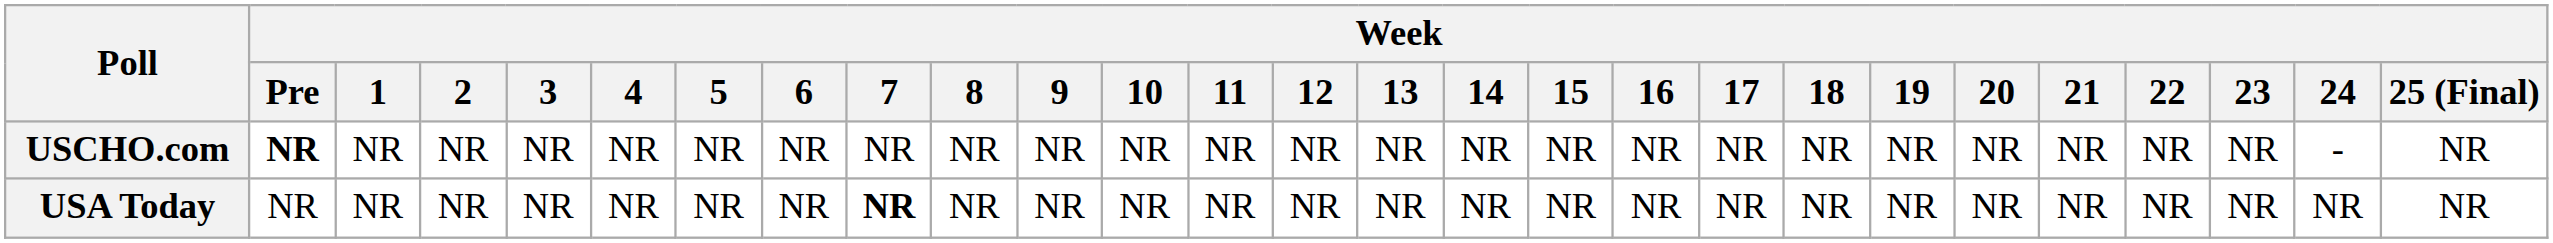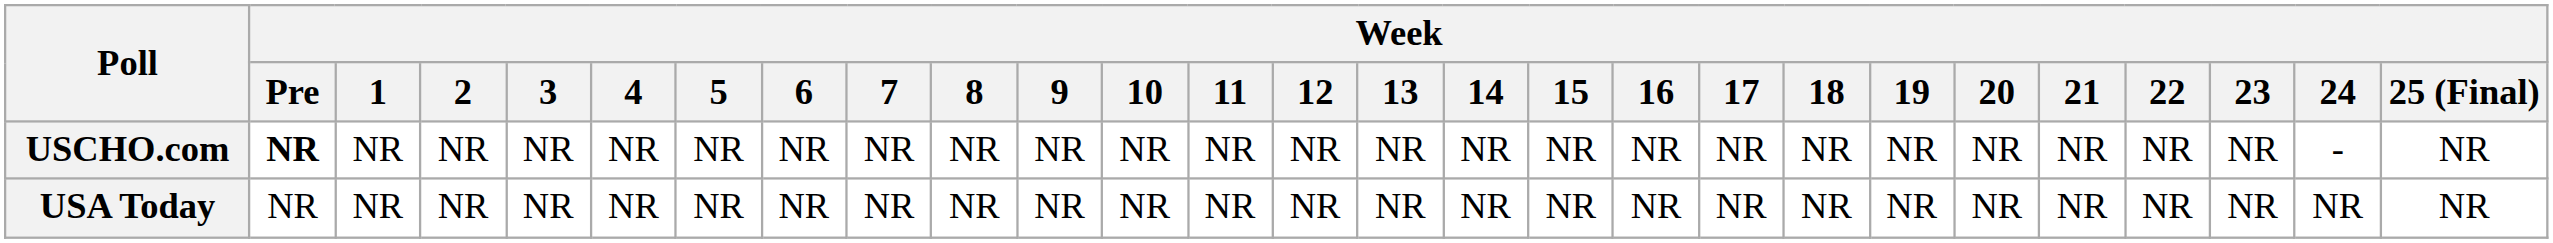 <table class="wikitable" style="white-space:nowrap;">
 <tr>
 <th scope="col" width="100" rowspan="2">Poll</th>
 <th colspan="30">Week</th>
 </tr>
 <tr>
 <th scope="col" width="30">Pre</th>
 <th scope="col" width="30">1</th>
 <th scope="col" width="30">2</th>
 <th scope="col" width="30">3</th>
 <th scope="col" width="30">4</th>
 <th scope="col" width="30">5</th>
 <th scope="col" width="30">6</th>
 <th scope="col" width="30">7</th>
 <th scope="col" width="30">8</th>
 <th scope="col" width="30">9</th>
 <th scope="col" width="30">10</th>
 <th scope="col" width="30">11</th>
 <th scope="col" width="30">12</th>
 <th scope="col" width="30">13</th>
 <th scope="col" width="30">14</th>
 <th scope="col" width="30">15</th>
 <th scope="col" width="30">16</th>
 <th scope="col" width="30">17</th>
 <th scope="col" width="30">18</th>
 <th scope="col" width="30">19</th>
 <th scope="col" width="30">20</th>
 <th scope="col" width="30">21</th>
 <th scope="col" width="30">22</th>
 <th scope="col" width="30">23</th>
 <th scope="col" width="30">24</th>
 <th scope="col" width="30">25 (Final)</th>
 </tr>
 <tr style="text-align:center;">
 <th>USCHO.com</th>
 <td bgcolor=FFFFFF><strong>NR</strong></td>
 <td bgcolor=FFFFFF>NR</td>
 <td bgcolor=FFFFFF>NR</td>
 <td bgcolor=FFFFFF>NR</td>
 <td bgcolor=FFFFFF>NR</td>
 <td bgcolor=FFFFFF>NR</td>
 <td bgcolor=FFFFFF>NR</td>
 <td bgcolor=FFFFFF>NR</td>
 <td bgcolor=FFFFFF>NR</td>
 <td bgcolor=FFFFFF>NR</td>
 <td bgcolor=FFFFFF>NR</td>
 <td bgcolor=FFFFFF>NR</td>
 <td bgcolor=FFFFFF>NR</td>
 <td bgcolor=FFFFFF>NR</td>
 <td bgcolor=FFFFFF>NR</td>
 <td bgcolor=FFFFFF>NR</td>
 <td bgcolor=FFFFFF>NR</td>
 <td bgcolor=FFFFFF>NR</td>
 <td bgcolor=FFFFFF>NR</td>
 <td bgcolor=FFFFFF>NR</td>
 <td bgcolor=FFFFFF>NR</td>
 <td bgcolor=FFFFFF>NR</td>
 <td bgcolor=FFFFFF>NR</td>
 <td bgcolor=FFFFFF>NR</td>
 <td bgcolor=FFFFFF>-</td>
 <td bgcolor=FFFFFF>NR</td>
 </tr>
 <tr style="text-align:center;">
 <th>USA Today</th>
 <td bgcolor=FFFFFF>NR</td>
 <td bgcolor=FFFFFF>NR</td>
 <td bgcolor=FFFFFF>NR</td>
 <td bgcolor=FFFFFF>NR</td>
 <td bgcolor=FFFFFF>NR</td>
 <td bgcolor=FFFFFF>NR</td>
 <td bgcolor=FFFFFF>NR</td>
-<td bgcolor=FFFFFF><strong>NR</strong></td>
+<td bgcolor=FFFFFF>NR</td>
 <td bgcolor=FFFFFF>NR</td>
 <td bgcolor=FFFFFF>NR</td>
 <td bgcolor=FFFFFF>NR</td>
 <td bgcolor=FFFFFF>NR</td>
 <td bgcolor=FFFFFF>NR</td>
 <td bgcolor=FFFFFF>NR</td>
 <td bgcolor=FFFFFF>NR</td>
 <td bgcolor=FFFFFF>NR</td>
 <td bgcolor=FFFFFF>NR</td>
 <td bgcolor=FFFFFF>NR</td>
 <td bgcolor=FFFFFF>NR</td>
 <td bgcolor=FFFFFF>NR</td>
 <td bgcolor=FFFFFF>NR</td>
 <td bgcolor=FFFFFF>NR</td>
 <td bgcolor=FFFFFF>NR</td>
 <td bgcolor=FFFFFF>NR</td>
 <td bgcolor=FFFFFF>NR</td>
 <td bgcolor=FFFFFF>NR</td>
 </tr>
 </table>
